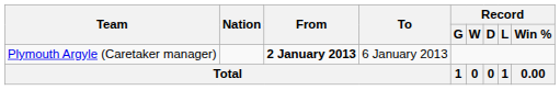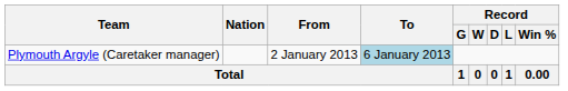 <table class="wikitable" style="text-align: center">
 <tr>
 <th rowspan="2">Team</th>
 <th rowspan="2">Nation</th>
 <th rowspan="2">From</th>
 <th rowspan="2">To</th>
 <th colspan="5">Record</th>
 </tr>
 <tr>
 <th>G</th>
 <th>W</th>
 <th>D</th>
 <th>L</th>
 <th>Win %</th>
 </tr>
 <tr>
 <td align=left><a href='#'>Plymouth Argyle</a> (Caretaker manager)</td>
 <td align=left></td>
-<td align=left><strong>2 January 2013</strong></td>
-<td align=left>6 January 2013<br></td>
+<td align=left>2 January 2013</td>
+<td align=left style="background: lightblue;">6 January 2013<br></td>
 </tr>
 <tr>
 <th colspan="4">Total</th>
 <th>1</th>
 <th>0</th>
 <th>0</th>
 <th>1</th>
 <th>0.00</th>
 </tr>
 </table>
